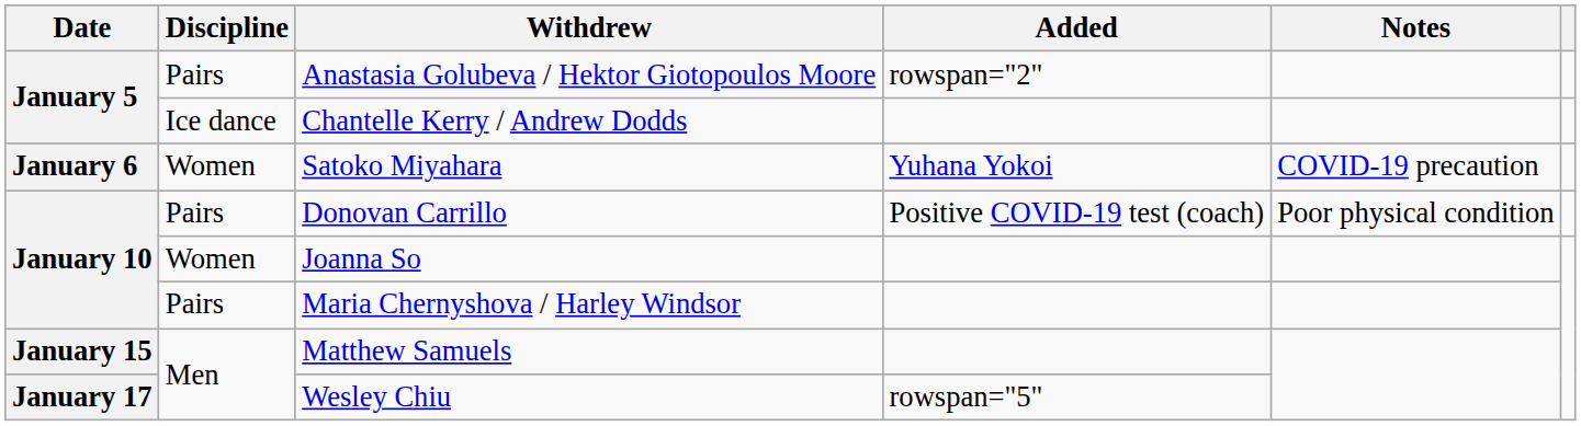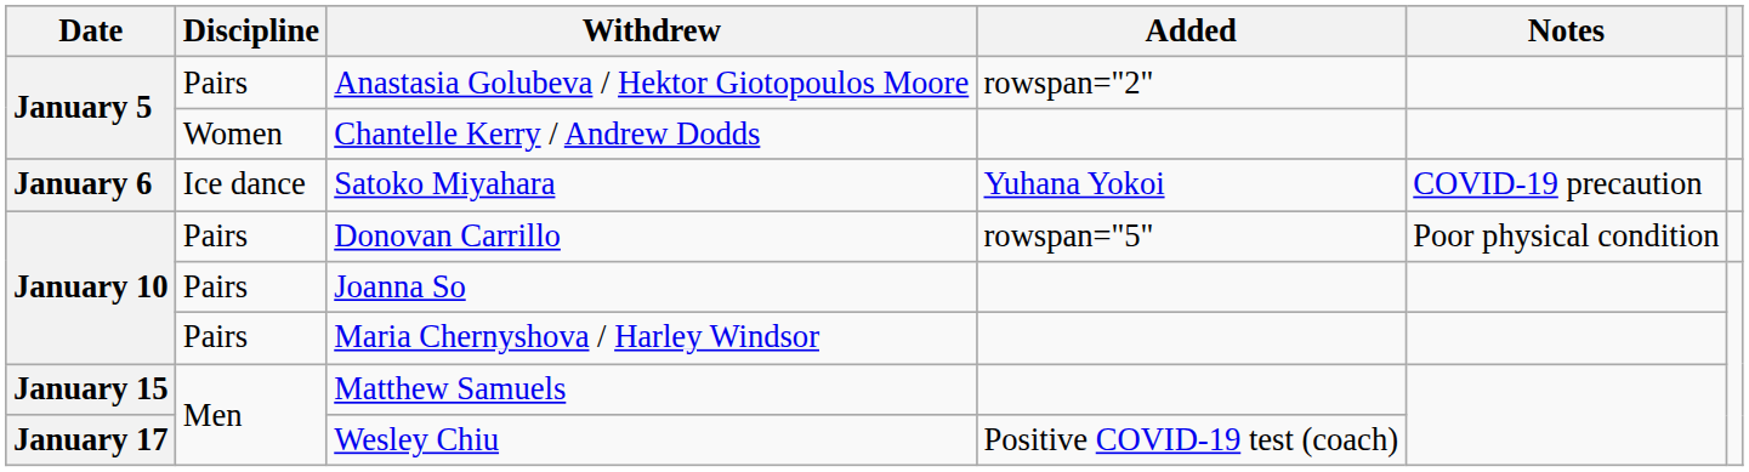 <table class="wikitable unsortable">
 <tr>
 <th scope="col">Date</th>
 <th scope="col">Discipline</th>
 <th scope="col">Withdrew</th>
 <th scope="col">Added</th>
 <th scope="col">Notes</th>
 <th scope="col"></th>
 </tr>
 <tr>
 <th scope="row" style="text-align:left" rowspan=2>January 5</th>
 <td>Pairs</td>
 <td> <a href='#'>Anastasia Golubeva</a> / <a href='#'>Hektor Giotopoulos Moore</a></td>
 <td>rowspan="2" </td>
 <td></td>
 <td></td>
 </tr>
 <tr>
-<td>Ice dance</td>
+<td>Women</td>
 <td> <a href='#'>Chantelle Kerry</a> / <a href='#'>Andrew Dodds</a></td>
 <td></td>
 <td></td>
 </tr>
 <tr>
 <th scope="row" style="text-align:left">January 6</th>
-<td>Women</td>
+<td>Ice dance</td>
 <td> <a href='#'>Satoko Miyahara</a></td>
 <td> <a href='#'>Yuhana Yokoi</a></td>
 <td><a href='#'>COVID-19</a> precaution</td>
 <td></td>
 </tr>
 <tr>
 <th scope="row" style="text-align:left" rowspan=3>January 10</th>
 <td>Pairs</td>
 <td> <a href='#'>Donovan Carrillo</a></td>
-<td>Positive <a href='#'>COVID-19</a> test (coach)</td>
+<td>rowspan="5" </td>
 <td>Poor physical condition</td>
 <td></td>
 </tr>
 <tr>
-<td>Women</td>
+<td>Pairs</td>
 <td> <a href='#'>Joanna So</a></td>
 <td></td>
 <td></td>
 </tr>
 <tr>
 <td>Pairs</td>
 <td> <a href='#'>Maria Chernyshova</a> / <a href='#'>Harley Windsor</a></td>
 <td></td>
 <td></td>
 </tr>
 <tr>
 <th scope="row" style="text-align:left">January 15</th>
 <td rowspan=2>Men</td>
 <td> <a href='#'>Matthew Samuels</a></td>
 <td></td>
 <td rowspan=2></td>
 </tr>
 <tr>
 <th scope="row" style="text-align:left">January 17</th>
 <td> <a href='#'>Wesley Chiu</a></td>
-<td>rowspan="5" </td>
+<td>Positive <a href='#'>COVID-19</a> test (coach)</td>
 </tr>
 </table>
